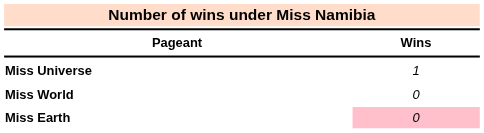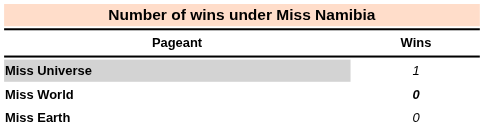 <table class="toccolours" style="width: 30em; float:right; margin-left:1em; font-size:80%; line-height:1.5em; width:30%;">
 <tr>
 <th colspan="3" style="text-align:center; background:#FFDDCA;"><big>Number of wins under Miss Namibia</big></th>
 </tr>
 <tr>
 <td colspan="3" style="background:black"></td>
 </tr>
 <tr>
 <th scope="col">Pageant</th>
 <th scope="col">Wins</th>
 </tr>
 <tr>
 <td colspan="3" style="background:black"></td>
 </tr>
 <tr>
-<td style="text-align:left"><strong>Miss Universe</strong></td>
+<td style="background: lightgrey; text-align:left"><strong>Miss Universe</strong></td>
 <td style="text-align:center"><em>1</em></td>
 </tr>
 <tr>
 <td style="text-align:left"><strong>Miss World</strong></td>
-<td style="text-align:center"><em>0</em></td>
+<td style="text-align:center"><strong><em>0</em></strong></td>
 </tr>
 <tr>
 <td style="text-align:left"><strong>Miss Earth</strong></td>
-<td style="background: pink; text-align:center"><em>0</em></td>
+<td style="text-align:center"><em>0</em></td>
 </tr>
 <tr>
 </tr>
 </table>
